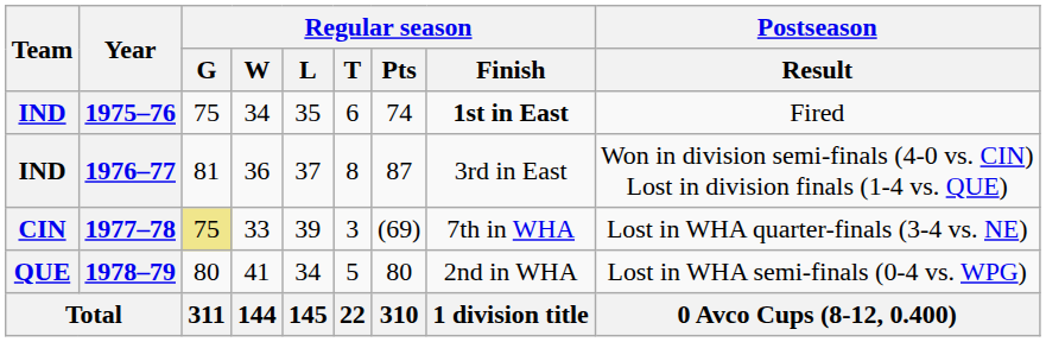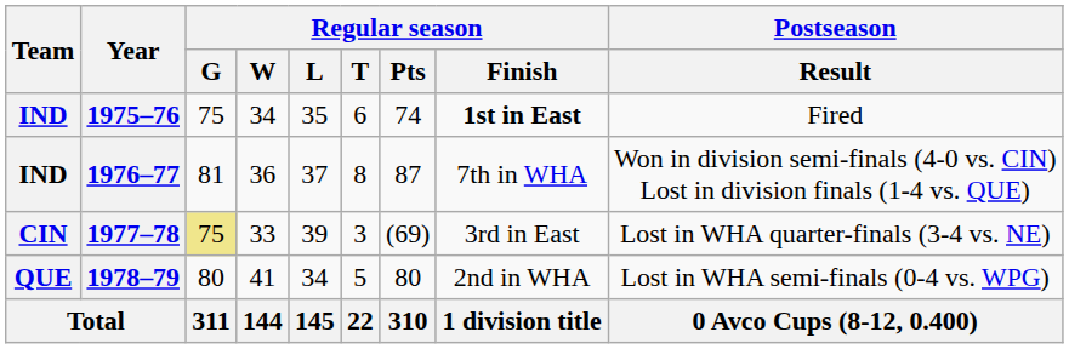 <table class="wikitable" style="font-size: 95%; text-align:center;">
 <tr>
 <th rowspan="2">Team</th>
 <th rowspan="2">Year</th>
 <th colspan="6"><a href='#'>Regular season</a></th>
 <th colspan="1"><a href='#'>Postseason</a></th>
 </tr>
 <tr>
 <th>G</th>
 <th>W</th>
 <th>L</th>
 <th>T</th>
 <th>Pts</th>
 <th>Finish</th>
 <th>Result</th>
 </tr>
 <tr>
 <th><a href='#'>IND</a></th>
 <th><a href='#'>1975–76</a></th>
 <td>75</td>
 <td>34</td>
 <td>35</td>
 <td>6</td>
 <td>74</td>
 <td><strong>1st in East</strong></td>
 <td>Fired</td>
 </tr>
 <tr>
 <th>IND</th>
 <th><a href='#'>1976–77</a></th>
 <td>81</td>
 <td>36</td>
 <td>37</td>
 <td>8</td>
 <td>87</td>
-<td>3rd in East</td>
+<td>7th in <a href='#'>WHA</a></td>
 <td>Won in division semi-finals (4-0 vs. <a href='#'>CIN</a>) <br> Lost in division finals (1-4 vs. <a href='#'>QUE</a>)</td>
 </tr>
 <tr>
 <th><a href='#'>CIN</a></th>
 <th><a href='#'>1977–78</a></th>
 <td style="background: khaki;">75</td>
 <td>33</td>
 <td>39</td>
 <td>3</td>
 <td>(69)</td>
-<td>7th in <a href='#'>WHA</a></td>
+<td>3rd in East</td>
 <td>Lost in WHA quarter-finals (3-4 vs. <a href='#'>NE</a>)</td>
 </tr>
 <tr>
 <th><a href='#'>QUE</a></th>
 <th><a href='#'>1978–79</a></th>
 <td>80</td>
 <td>41</td>
 <td>34</td>
 <td>5</td>
 <td>80</td>
 <td>2nd in WHA</td>
 <td>Lost in WHA semi-finals (0-4 vs. <a href='#'>WPG</a>)</td>
 </tr>
 <tr>
 <th colspan="2">Total</th>
 <th>311</th>
 <th>144</th>
 <th>145</th>
 <th>22</th>
 <th>310</th>
 <th>1 division title</th>
 <th>0 Avco Cups (8-12, 0.400)</th>
 </tr>
 </table>
